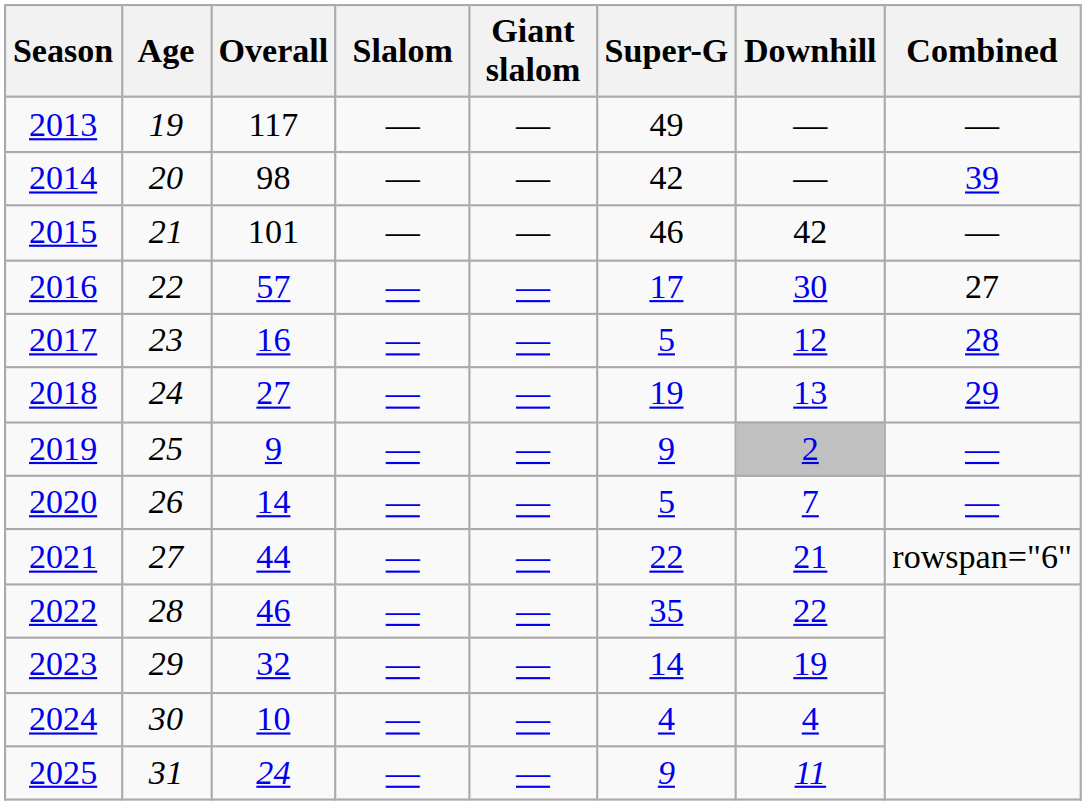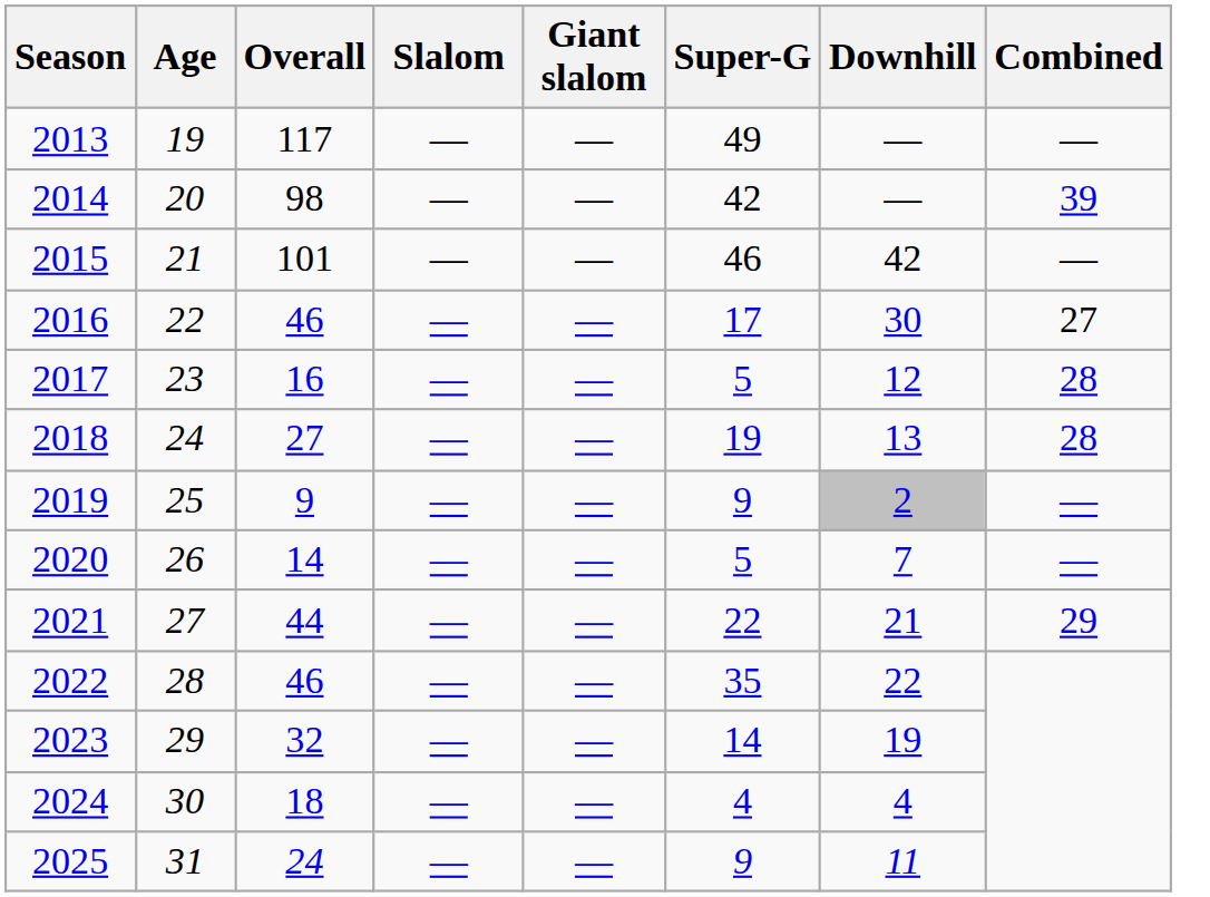 <table class=wikitable style="text-align:center">
 <tr>
 <th>Season</th>
 <th> Age </th>
 <th>Overall</th>
 <th> Slalom </th>
 <th>Giant<br> slalom </th>
 <th>Super-G</th>
 <th>Downhill</th>
 <th>Combined</th>
 </tr>
 <tr>
 <td><a href='#'>2013</a></td>
 <td><em>19</em></td>
 <td>117</td>
 <td>—</td>
 <td>—</td>
 <td>49</td>
 <td>—</td>
 <td>—</td>
 </tr>
 <tr>
 <td><a href='#'>2014</a></td>
 <td><em>20</em></td>
 <td>98</td>
 <td>—</td>
 <td>—</td>
 <td>42</td>
 <td>—</td>
 <td><a href='#'>39</a></td>
 </tr>
 <tr>
 <td><a href='#'>2015</a></td>
 <td><em>21</em></td>
 <td>101</td>
 <td>—</td>
 <td>—</td>
 <td>46</td>
 <td>42</td>
 <td>—</td>
 </tr>
 <tr>
 <td><a href='#'>2016</a></td>
 <td><em>22</em></td>
-<td><a href='#'>57</a></td>
+<td><a href='#'>46</a></td>
 <td><a href='#'>—</a></td>
 <td><a href='#'>—</a></td>
 <td><a href='#'>17</a></td>
 <td><a href='#'>30</a></td>
 <td>27</td>
 </tr>
 <tr>
 <td><a href='#'>2017</a></td>
 <td><em>23</em></td>
 <td><a href='#'>16</a></td>
 <td><a href='#'>—</a></td>
 <td><a href='#'>—</a></td>
 <td><a href='#'>5</a></td>
 <td><a href='#'>12</a></td>
 <td><a href='#'>28</a></td>
 </tr>
 <tr>
 <td><a href='#'>2018</a></td>
 <td><em>24</em></td>
 <td><a href='#'>27</a></td>
 <td><a href='#'>—</a></td>
 <td><a href='#'>—</a></td>
 <td><a href='#'>19</a></td>
 <td><a href='#'>13</a></td>
-<td><a href='#'>29</a></td>
+<td><a href='#'>28</a></td>
 </tr>
 <tr>
 <td><a href='#'>2019</a></td>
 <td><em>25</em></td>
 <td><a href='#'>9</a></td>
 <td><a href='#'>—</a></td>
 <td><a href='#'>—</a></td>
 <td><a href='#'>9</a></td>
 <td bgcolor="silver"><a href='#'>2</a></td>
 <td><a href='#'>—</a></td>
 </tr>
 <tr>
 <td><a href='#'>2020</a></td>
 <td><em>26</em></td>
 <td><a href='#'>14</a></td>
 <td><a href='#'>—</a></td>
 <td><a href='#'>—</a></td>
 <td><a href='#'>5</a></td>
 <td><a href='#'>7</a></td>
 <td><a href='#'>—</a></td>
 </tr>
 <tr>
 <td><a href='#'>2021</a></td>
 <td><em>27</em></td>
 <td><a href='#'>44</a></td>
 <td><a href='#'>—</a></td>
 <td><a href='#'>—</a></td>
 <td><a href='#'>22</a></td>
 <td><a href='#'>21</a></td>
-<td>rowspan="6" </td>
+<td><a href='#'>29</a></td>
 </tr>
 <tr>
 <td><a href='#'>2022</a></td>
 <td><em>28</em></td>
 <td><a href='#'>46</a></td>
 <td><a href='#'>—</a></td>
 <td><a href='#'>—</a></td>
 <td><a href='#'>35</a></td>
 <td><a href='#'>22</a></td>
 </tr>
 <tr>
 <td><a href='#'>2023</a></td>
 <td><em>29</em></td>
 <td><a href='#'>32</a></td>
 <td><a href='#'>—</a></td>
 <td><a href='#'>—</a></td>
 <td><a href='#'>14</a></td>
 <td><a href='#'>19</a></td>
 </tr>
 <tr>
 <td><a href='#'>2024</a></td>
 <td><em>30</em></td>
-<td><a href='#'>10</a></td>
+<td><a href='#'>18</a></td>
 <td><a href='#'>—</a></td>
 <td><a href='#'>—</a></td>
 <td><a href='#'>4</a></td>
 <td><a href='#'>4</a></td>
 </tr>
 <tr>
 <td><a href='#'>2025</a></td>
 <td><em>31</em></td>
 <td><a href='#'><em>24</em></a></td>
 <td><a href='#'>—</a></td>
 <td><a href='#'>—</a></td>
 <td><a href='#'><em>9</em></a></td>
 <td><a href='#'><em>11</em></a></td>
 </tr>
 </table>
